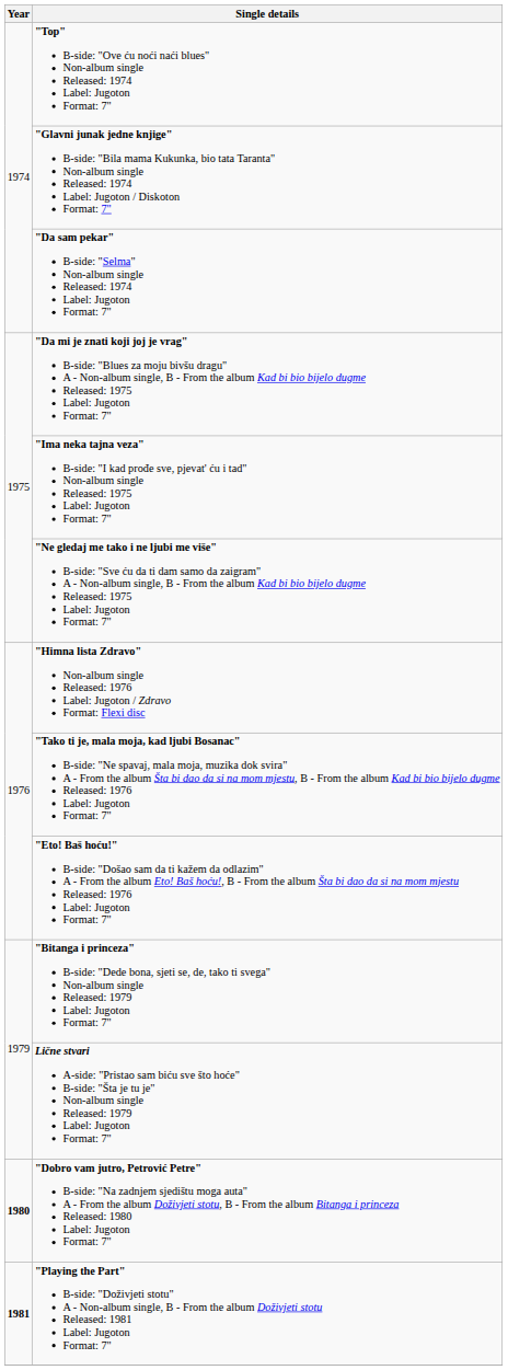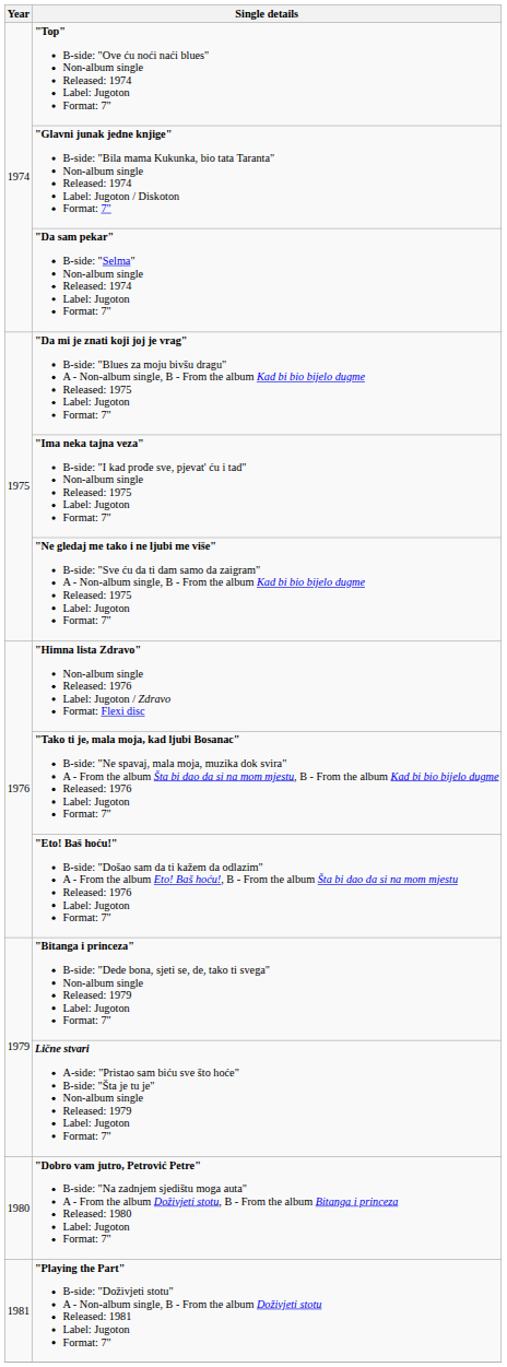 <table class ="wikitable">
 <tr>
 <th>Year</th>
 <th>Single details</th>
 </tr>
 <tr>
 <td align="center" rowspan="3">1974</td>
 <td><strong>"Top"</strong><br><ul><li>B-side: "Ove ću noći naći blues"</li><li>Non-album single</li><li>Released: 1974</li><li>Label: Jugoton</li><li>Format: 7"</li></ul></td>
 </tr>
 <tr>
 <td><strong> "Glavni junak jedne knjige" </strong><br><ul><li>B-side: "Bila mama Kukunka, bio tata Taranta"</li><li>Non-album single</li><li>Released: 1974</li><li>Label: Jugoton / Diskoton</li><li>Format: <a href='#'>7"</a></li></ul></td>
 </tr>
 <tr>
 <td><strong>"Da sam pekar"</strong><br><ul><li>B-side: "<a href='#'>Selma</a>"</li><li>Non-album single</li><li>Released: 1974</li><li>Label: Jugoton</li><li>Format: 7"</li></ul></td>
 </tr>
 <tr>
 <td align="center" rowspan="3">1975</td>
 <td><strong>"Da mi je znati koji joj je vrag"</strong><br><ul><li>B-side: "Blues za moju bivšu dragu"</li><li>A - Non-album single, B - From the album <em><a href='#'>Kad bi bio bijelo dugme</a></em></li><li>Released: 1975</li><li>Label: Jugoton</li><li>Format: 7"</li></ul></td>
 </tr>
 <tr>
 <td><strong>"Ima neka tajna veza"</strong><br><ul><li>B-side: "I kad prođe sve, pjevat' ću i tad"</li><li>Non-album single</li><li>Released: 1975</li><li>Label: Jugoton</li><li>Format: 7"</li></ul></td>
 </tr>
 <tr>
 <td><strong>"Ne gledaj me tako i ne ljubi me više"</strong><br><ul><li>B-side: "Sve ću da ti dam samo da zaigram"</li><li>A - Non-album single, B - From the album <em><a href='#'>Kad bi bio bijelo dugme</a></em></li><li>Released: 1975</li><li>Label: Jugoton</li><li>Format: 7"</li></ul></td>
 </tr>
 <tr>
 <td align="center" rowspan="3">1976</td>
 <td><strong>"Himna lista Zdravo"</strong><br><ul><li>Non-album single</li><li>Released: 1976</li><li>Label: Jugoton / <em>Zdravo</em></li><li>Format: <a href='#'>Flexi disc</a></li></ul></td>
 </tr>
 <tr>
 <td><strong>"Tako ti je, mala moja, kad ljubi Bosanac"</strong><br><ul><li>B-side: "Ne spavaj, mala moja, muzika dok svira"</li><li>A - From the album <em><a href='#'>Šta bi dao da si na mom mjestu</a></em>, B - From the album <em><a href='#'>Kad bi bio bijelo dugme</a></em></li><li>Released: 1976</li><li>Label: Jugoton</li><li>Format: 7"</li></ul></td>
 </tr>
 <tr>
 <td><strong>"Eto! Baš hoću!"</strong><br><ul><li>B-side: "Došao sam da ti kažem da odlazim"</li><li>A - From the album <em><a href='#'>Eto! Baš hoću!</a></em>, B - From the album <em><a href='#'>Šta bi dao da si na mom mjestu</a></em></li><li>Released: 1976</li><li>Label: Jugoton</li><li>Format: 7"</li></ul></td>
 </tr>
 <tr>
 <td align="center" rowspan="2">1979</td>
 <td><strong>"Bitanga i princeza"</strong><br><ul><li>B-side: "Dede bona, sjeti se, de, tako ti svega"</li><li>Non-album single</li><li>Released: 1979</li><li>Label: Jugoton</li><li>Format: 7"</li></ul></td>
 </tr>
 <tr>
 <td><strong><em>Lične stvari</em></strong><br><ul><li>A-side: "Pristao sam biću sve što hoće"</li><li>B-side: "Šta je tu je"</li><li>Non-album single</li><li>Released: 1979</li><li>Label: Jugoton</li><li>Format: 7"</li></ul></td>
 </tr>
 <tr>
-<td align="center" rowspan="1"><strong>1980</strong></td>
+<td align="center" rowspan="1">1980</td>
 <td><strong>"Dobro vam jutro, Petrović Petre"</strong><br><ul><li>B-side: "Na zadnjem sjedištu moga auta"</li><li>A - From the album <em><a href='#'>Doživjeti stotu</a></em>, B - From the album <em><a href='#'>Bitanga i princeza</a></em></li><li>Released: 1980</li><li>Label: Jugoton</li><li>Format: 7"</li></ul></td>
 </tr>
 <tr>
-<td align="center" rowspan="1"><strong>1981</strong></td>
+<td align="center" rowspan="1">1981</td>
 <td><strong>"Playing the Part"</strong><br><ul><li>B-side: "Doživjeti stotu"</li><li>A - Non-album single, B - From the album <em><a href='#'>Doživjeti stotu</a></em></li><li>Released: 1981</li><li>Label: Jugoton</li><li>Format: 7"</li></ul></td>
 </tr>
 <tr>
 </tr>
 </table>
